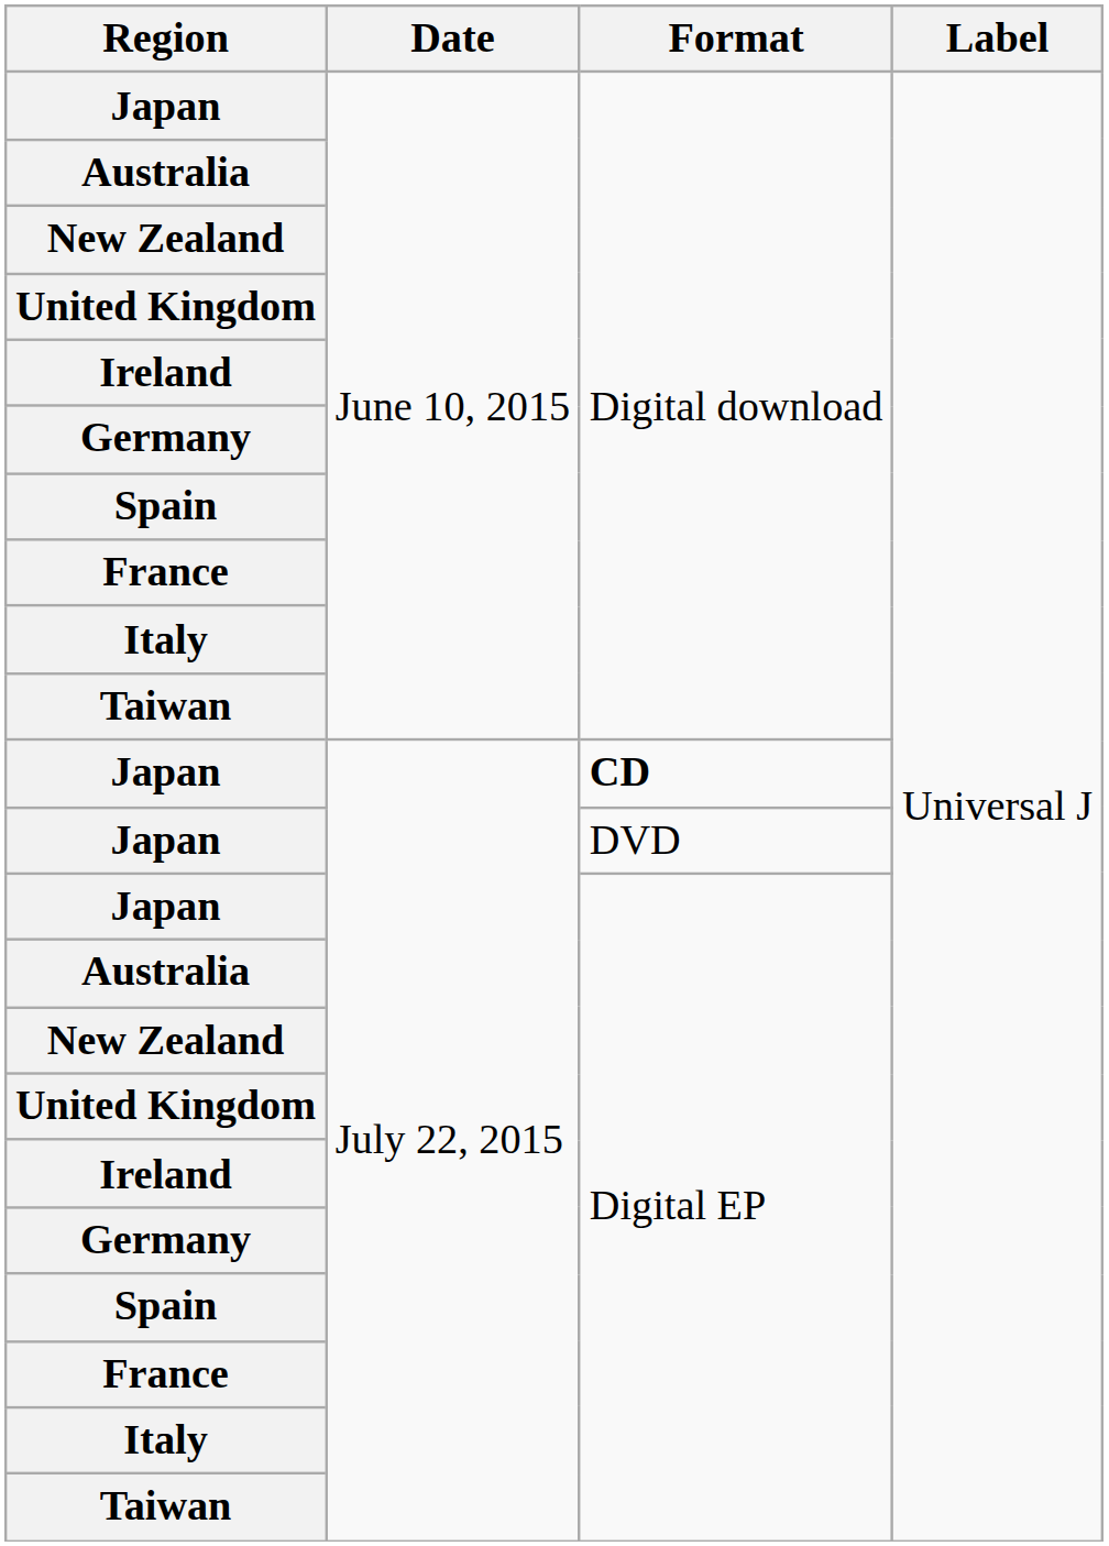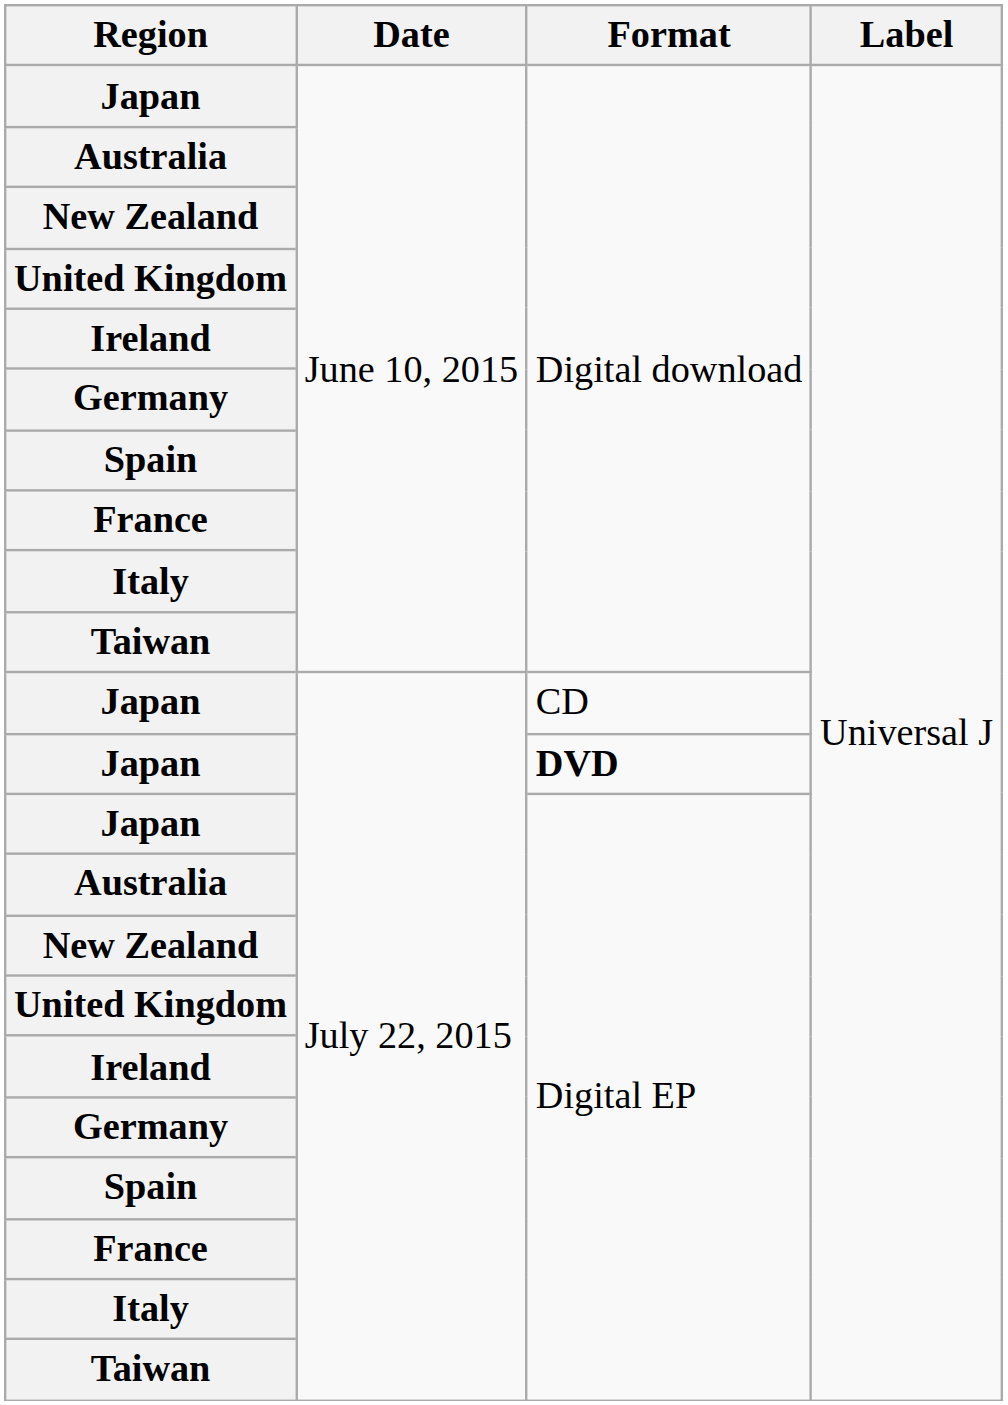 <table class="wikitable unsortable plainrowheaders">
 <tr>
 <th scope="col">Region</th>
 <th scope="col">Date</th>
 <th scope="col">Format</th>
 <th scope="col">Label</th>
 </tr>
 <tr>
 <th scope="row">Japan</th>
 <td rowspan="10">June 10, 2015</td>
 <td rowspan="10">Digital download</td>
 <td rowspan="22">Universal J</td>
 </tr>
 <tr>
 <th scope="row">Australia</th>
 </tr>
 <tr>
 <th scope="row">New Zealand</th>
 </tr>
 <tr>
 <th scope="row">United Kingdom</th>
 </tr>
 <tr>
 <th scope="row">Ireland</th>
 </tr>
 <tr>
 <th scope="row">Germany</th>
 </tr>
 <tr>
 <th scope="row">Spain</th>
 </tr>
 <tr>
 <th scope="row">France</th>
 </tr>
 <tr>
 <th scope="row">Italy</th>
 </tr>
 <tr>
 <th scope="row">Taiwan</th>
 </tr>
 <tr>
 <th scope="row">Japan</th>
 <td rowspan="12">July 22, 2015</td>
-<td><strong>CD</strong></td>
+<td>CD</td>
 </tr>
 <tr>
 <th scope="row">Japan</th>
-<td>DVD</td>
+<td><strong>DVD</strong></td>
 </tr>
 <tr>
 <th scope="row">Japan</th>
 <td rowspan="10">Digital EP</td>
 </tr>
 <tr>
 <th scope="row">Australia</th>
 </tr>
 <tr>
 <th scope="row">New Zealand</th>
 </tr>
 <tr>
 <th scope="row">United Kingdom</th>
 </tr>
 <tr>
 <th scope="row">Ireland</th>
 </tr>
 <tr>
 <th scope="row">Germany</th>
 </tr>
 <tr>
 <th scope="row">Spain</th>
 </tr>
 <tr>
 <th scope="row">France</th>
 </tr>
 <tr>
 <th scope="row">Italy</th>
 </tr>
 <tr>
 <th scope="row">Taiwan</th>
 </tr>
 <tr>
 </tr>
 </table>
